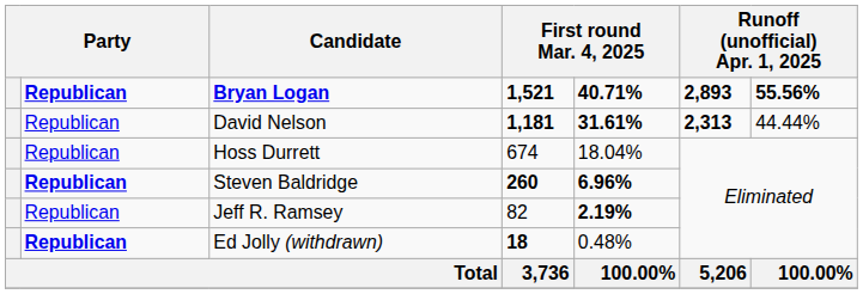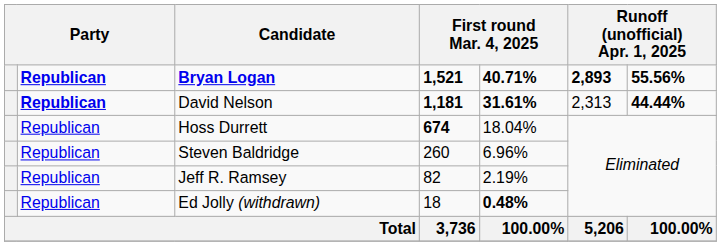 <table class="wikitable defaultright" style=width:45em>
 <tr>
 <th colspan=2 style=width:8em>Party</th>
 <th style=width:15em>Candidate</th>
 <th colspan=2>First round<br>Mar. 4, 2025</th>
 <th colspan=2>Runoff<br>(unofficial)<br>Apr. 1, 2025</th>
 </tr>
 <tr>
 <th style="background-color:"></th>
 <td style="text-align:left;"><strong><a href='#'>Republican</a></strong></td>
 <td style="text-align:left;"><strong><a href='#'>Bryan Logan</a></strong></td>
 <td><strong>1,521</strong></td>
 <td><strong>40.71%</strong></td>
 <td><strong>2,893</strong></td>
 <td><strong>55.56%</strong></td>
 </tr>
 <tr>
 <th style="background-color:"></th>
-<td style="text-align:left;"><a href='#'>Republican</a></td>
+<td style="text-align:left;"><strong><a href='#'>Republican</a></strong></td>
 <td style="text-align:left;">David Nelson</td>
 <td><strong>1,181</strong></td>
 <td><strong>31.61%</strong></td>
-<td><strong>2,313</strong></td>
-<td>44.44%</td>
+<td>2,313</td>
+<td><strong>44.44%</strong></td>
 </tr>
 <tr>
 <th style="background-color:"></th>
 <td style="text-align:left;"><a href='#'>Republican</a></td>
 <td style="text-align:left;">Hoss Durrett</td>
-<td>674</td>
+<td><strong>674</strong></td>
 <td>18.04%</td>
 <td style="text-align:center;" colspan=2 rowspan=4><em>Eliminated</em></td>
 </tr>
 <tr>
 <th style="background-color:"></th>
-<td style="text-align:left;"><strong><a href='#'>Republican</a></strong></td>
+<td style="text-align:left;"><a href='#'>Republican</a></td>
 <td style="text-align:left;">Steven Baldridge</td>
-<td><strong>260</strong></td>
-<td><strong>6.96%</strong></td>
+<td>260</td>
+<td>6.96%</td>
 </tr>
 <tr>
 <th style="background-color:"></th>
 <td style="text-align:left;"><a href='#'>Republican</a></td>
 <td style="text-align:left;">Jeff R. Ramsey</td>
 <td>82</td>
-<td><strong>2.19%</strong></td>
+<td>2.19%</td>
 </tr>
 <tr>
 <th style="background-color:"></th>
-<td style="text-align:left;"><strong><a href='#'>Republican</a></strong></td>
+<td style="text-align:left;"><a href='#'>Republican</a></td>
 <td style="text-align:left;">Ed Jolly <em>(withdrawn)</em></td>
-<td><strong>18</strong></td>
-<td>0.48%</td>
+<td>18</td>
+<td><strong>0.48%</strong></td>
 </tr>
 <tr>
 <th style="text-align: right;" colspan=3>Total</th>
 <th style="text-align: right;">3,736</th>
 <th style="text-align: right;">100.00%</th>
 <th style="text-align: right;">5,206</th>
 <th style="text-align: right;">100.00%</th>
 </tr>
 <tr>
 </tr>
 </table>
